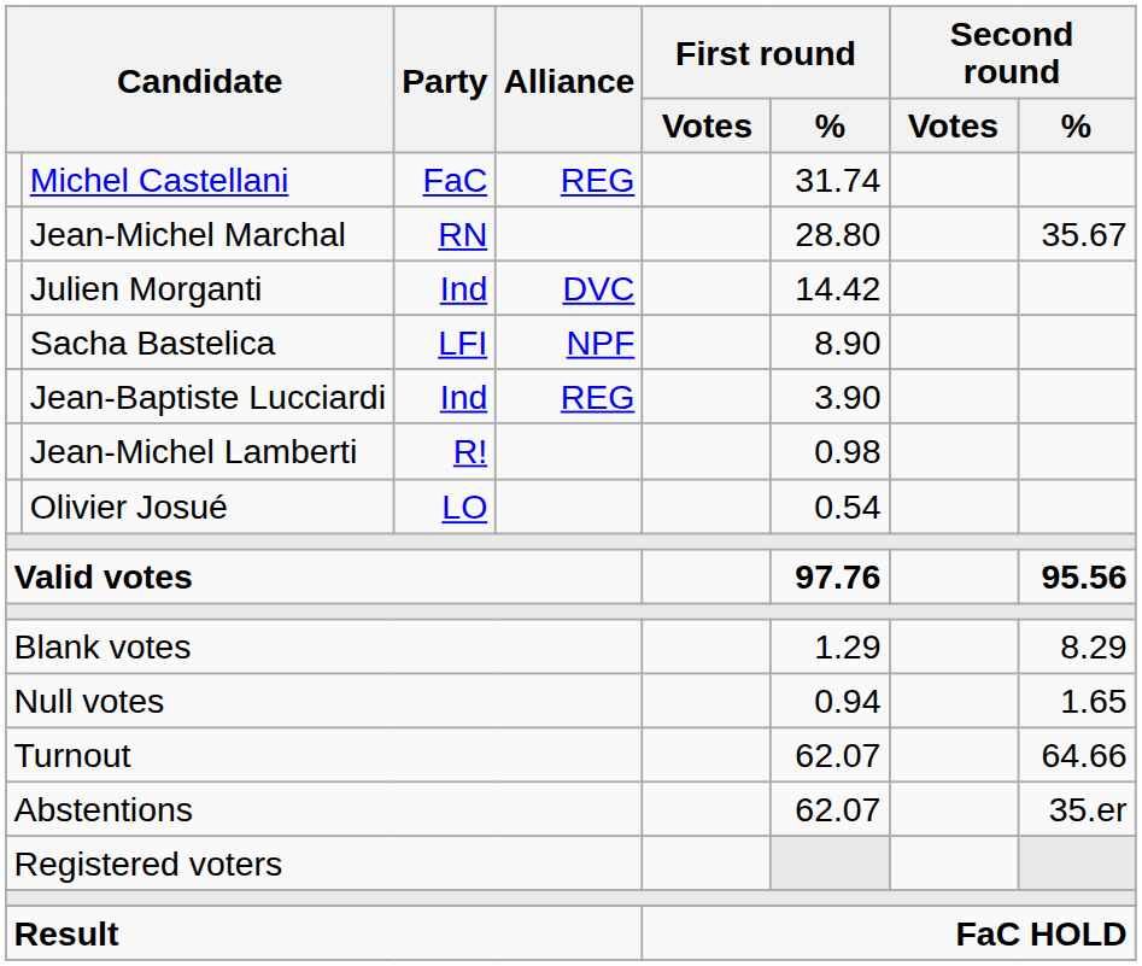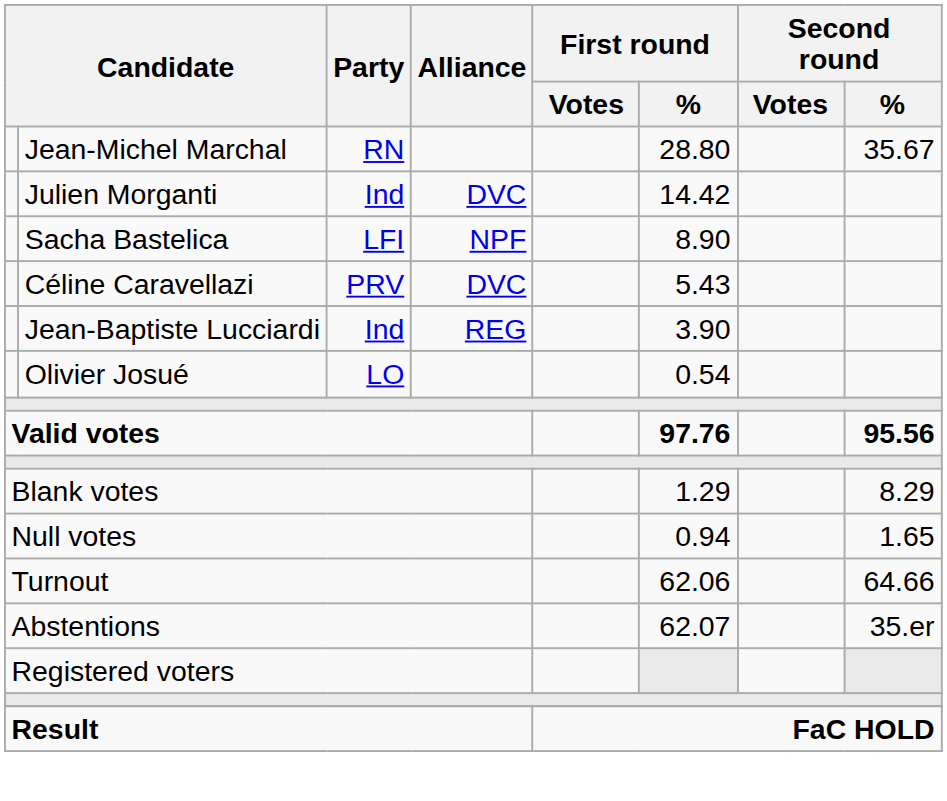 <table class="wikitable" style="text-align:right;font-size:95%;">
 <tr>
 <th colspan="2" rowspan="2">Candidate</th>
 <th colspan="1" rowspan="2">Party</th>
 <th colspan="1" rowspan="2">Alliance</th>
 <th colspan="2">First round</th>
 <th colspan="2">Second round</th>
 </tr>
 <tr>
 <th style="width:50px;">Votes</th>
 <th style="width:45px;">%</th>
 <th style="width:50px;">Votes</th>
 <th style="width:45px;">%</th>
-</tr>
-<tr>
-<td style="color:inherit;background:"></td>
-<td style="text-align:left;"><a href='#'>Michel Castellani</a></td>
-<td><a href='#'>FaC</a></td>
-<td><a href='#'>REG</a></td>
-<td></td>
-<td>31.74</td>
-<td><strong></strong></td>
-<td><strong></strong></td>
 </tr>
 <tr>
 <td style="color:inherit;background:"></td>
 <td style="text-align:left;">Jean-Michel Marchal</td>
 <td><a href='#'>RN</a></td>
 <td></td>
 <td></td>
 <td>28.80</td>
 <td></td>
 <td>35.67</td>
 </tr>
 <tr>
 <td style="color:inherit;background:"></td>
 <td style="text-align:left;">Julien Morganti</td>
 <td><a href='#'>Ind</a></td>
 <td><a href='#'>DVC</a></td>
 <td></td>
 <td>14.42</td>
 <td></td>
 <td></td>
 </tr>
 <tr>
 <td style="color:inherit;background:"></td>
 <td style="text-align:left;">Sacha Bastelica</td>
 <td><a href='#'>LFI</a></td>
 <td><a href='#'>NPF</a></td>
 <td></td>
 <td>8.90</td>
 <td></td>
 <td></td>
 </tr>
 <tr>
 <td style="color:inherit;background:"></td>
+<td style="text-align:left;">Céline Caravellazi</td>
+<td><a href='#'>PRV</a></td>
+<td><a href='#'>DVC</a></td>
+<td></td>
+<td>5.43</td>
+<td></td>
+<td></td>
+</tr>
+<tr>
+<td style="color:inherit;background:"></td>
 <td style="text-align:left;">Jean-Baptiste Lucciardi</td>
 <td><a href='#'>Ind</a></td>
 <td><a href='#'>REG</a></td>
 <td></td>
 <td>3.90</td>
-<td></td>
-<td></td>
-</tr>
-<tr>
-<td style="color:inherit;background:"></td>
-<td style="text-align:left;">Jean-Michel Lamberti</td>
-<td><a href='#'>R!</a></td>
-<td></td>
-<td></td>
-<td>0.98</td>
 <td></td>
 <td></td>
 </tr>
 <tr>
 <td style="color:inherit;background:"></td>
 <td style="text-align:left;">Olivier Josué</td>
 <td><a href='#'>LO</a></td>
 <td></td>
 <td></td>
 <td>0.54</td>
 <td></td>
 <td></td>
 </tr>
 <tr>
 <td colspan="8" style="background:#E9E9E9;"></td>
 </tr>
 <tr style="font-weight:bold;">
 <td colspan="4" style="text-align:left;">Valid votes</td>
 <td></td>
 <td>97.76</td>
 <td></td>
 <td>95.56</td>
 </tr>
 <tr>
 <td colspan="8" style="background:#E9E9E9;"></td>
 </tr>
 <tr>
 <td colspan="4" style="text-align:left;">Blank votes</td>
 <td></td>
 <td>1.29</td>
 <td></td>
 <td>8.29</td>
 </tr>
 <tr>
 <td colspan="4" style="text-align:left;">Null votes</td>
 <td></td>
 <td>0.94</td>
 <td></td>
 <td>1.65</td>
 </tr>
 <tr>
 <td colspan="4" style="text-align:left;">Turnout</td>
 <td></td>
-<td>62.07</td>
+<td>62.06</td>
 <td></td>
 <td>64.66</td>
 </tr>
 <tr>
 <td colspan="4" style="text-align:left;">Abstentions</td>
 <td></td>
 <td>62.07</td>
 <td></td>
 <td>35.er</td>
 </tr>
 <tr>
 <td colspan="4" style="text-align:left;">Registered voters</td>
 <td></td>
 <td style="background:#E9E9E9;"></td>
 <td></td>
 <td style="background:#E9E9E9;"></td>
 </tr>
 <tr>
 <td colspan="8" style="background:#E9E9E9;"></td>
 </tr>
 <tr>
 </tr>
 <tr style="font-weight:bold">
 <td colspan="4" style="text-align:left;">Result</td>
 <td colspan="4" style="background-color:">FaC HOLD</td>
 </tr>
 </table>
